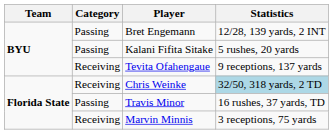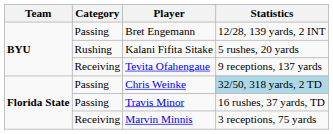 <table class="wikitable" style="float: left;">
 <tr>
 <th>Team</th>
 <th>Category</th>
 <th>Player</th>
 <th>Statistics</th>
 </tr>
 <tr>
 <td rowspan=3><strong>BYU</strong></td>
 <td>Passing</td>
 <td>Bret Engemann</td>
 <td>12/28, 139 yards, 2 INT</td>
 </tr>
 <tr>
-<td>Passing</td>
+<td>Rushing</td>
 <td>Kalani Fifita Sitake</td>
 <td>5 rushes, 20 yards</td>
 </tr>
 <tr>
 <td>Receiving</td>
 <td><a href='#'>Tevita Ofahengaue</a></td>
 <td>9 receptions, 137 yards</td>
 </tr>
 <tr>
 <td rowspan=3><strong>Florida State</strong></td>
-<td>Receiving</td>
+<td>Passing</td>
 <td><a href='#'>Chris Weinke</a></td>
 <td style="background: lightblue;">32/50, 318 yards, 2 TD</td>
 </tr>
 <tr>
 <td>Passing</td>
 <td><a href='#'>Travis Minor</a></td>
 <td>16 rushes, 37 yards, TD</td>
 </tr>
 <tr>
 <td>Receiving</td>
 <td><a href='#'>Marvin Minnis</a></td>
 <td>3 receptions, 75 yards</td>
 </tr>
 </table>
